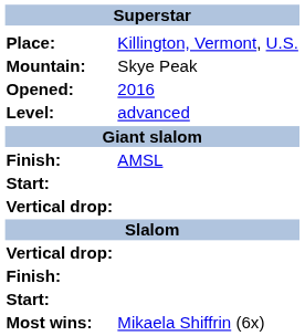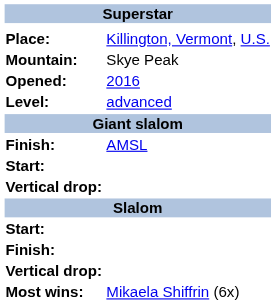 <table border=0 class="toccolours float-right" align="right" style="margin:0 0 0.5em 1em; font-size: 85%;">
 <tr>
 <th bgcolor=#b0c4de colspan=2 align="center">Superstar</th>
 </tr>
 <tr>
 <td align="center" colspan=2></td>
 </tr>
 <tr>
 <td><strong>Place:</strong></td>
 <td> <a href='#'>Killington, Vermont</a>, <a href='#'>U.S.</a></td>
 </tr>
 <tr>
 <td><strong>Mountain:</strong></td>
 <td>Skye Peak</td>
 </tr>
 <tr>
 <td><strong>Opened:</strong></td>
 <td><a href='#'>2016</a></td>
 </tr>
 <tr>
 <td><strong>Level:</strong></td>
 <td> <a href='#'>advanced</a></td>
 </tr>
 <tr>
 <th bgcolor=#b0c4de colspan=2 align="center">Giant slalom</th>
 </tr>
 <tr>
 <td><strong>Finish:</strong></td>
 <td><a href='#'>AMSL</a></td>
 </tr>
 <tr>
 <td><strong>Start:</strong></td>
 <td></td>
 </tr>
 <tr>
 <td><strong>Vertical drop:</strong></td>
 <td></td>
 </tr>
 <tr>
 <th bgcolor=#b0c4de colspan=2 align="center">Slalom</th>
 </tr>
 <tr>
-<td><strong>Vertical drop:</strong></td>
+<td><strong>Start:</strong></td>
 <td> </td>
 </tr>
 <tr>
 <td><strong>Finish:</strong></td>
 <td></td>
 </tr>
 <tr>
-<td><strong>Start:</strong></td>
+<td><strong>Vertical drop:</strong></td>
 <td></td>
 </tr>
 <tr>
 <td><strong>Most wins:</strong></td>
 <td> <a href='#'>Mikaela Shiffrin</a> (6x)</td>
 </tr>
 </table>
